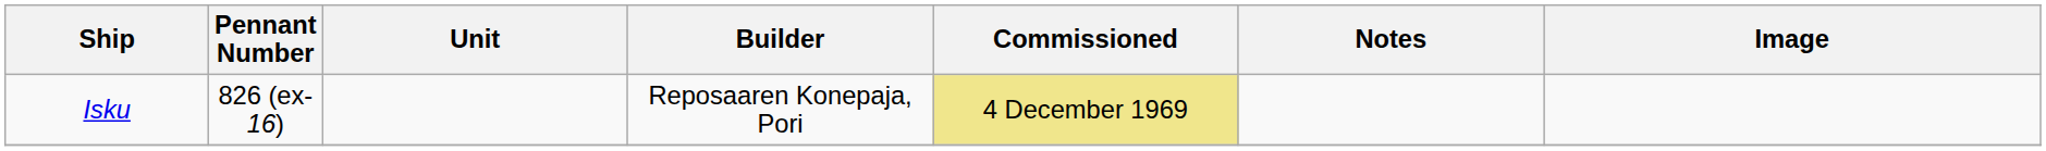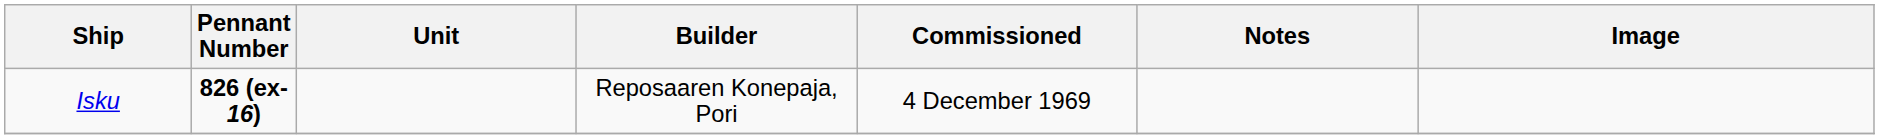 <table class="wikitable" border="1" style="width:100%; text-align:center;">
 <tr>
 <th width="10%">Ship</th>
 <th width="5%">Pennant Number</th>
 <th width="15%">Unit</th>
 <th width="15%">Builder</th>
 <th width="15%">Commissioned</th>
 <th width="15%">Notes</th>
 <th width="80px">Image</th>
 </tr>
 <tr>
 <td><em><a href='#'>Isku</a></em></td>
-<td>826 (ex-<em>16</em>)</td>
+<td><strong>826 (ex-<em>16</em>)</strong></td>
 <td></td>
 <td>Reposaaren Konepaja, Pori</td>
-<td style="background: khaki;">4 December 1969</td>
+<td>4 December 1969</td>
 <td></td>
 <td></td>
 </tr>
 <tr>
 </tr>
 </table>
